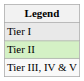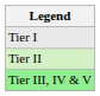 <table class="wikitable" style="font-size:90%">
 <tr>
 <th>Legend</th>
 </tr>
 <tr>
 <td style="background:#e9e9e9;">Tier I</td>
 </tr>
 <tr>
 <td style="background:#d4f1c5;">Tier II</td>
 </tr>
 <tr>
-<td>Tier III, IV & V</td>
+<td style="background: lightgreen;">Tier III, IV & V</td>
 </tr>
 </table>
